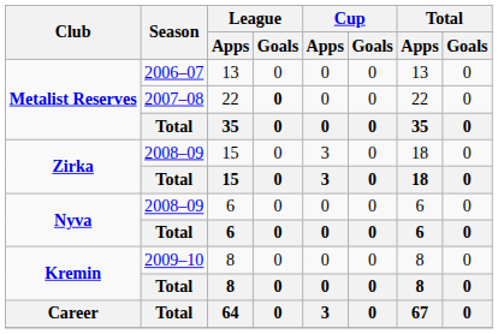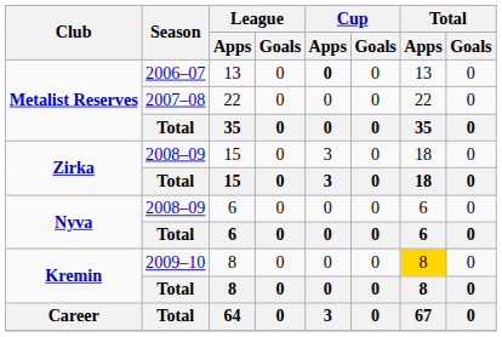 <table class="wikitable sortable" style="text-align: center;">
 <tr>
 <th rowspan="2">Club</th>
 <th rowspan="2">Season</th>
 <th colspan="2">League</th>
 <th colspan="2"><a href='#'>Cup</a></th>
 <th colspan="2">Total</th>
 </tr>
 <tr>
 <th>Apps</th>
 <th>Goals</th>
 <th>Apps</th>
 <th>Goals</th>
 <th>Apps</th>
 <th>Goals</th>
 </tr>
 <tr>
 <td rowspan="3"><strong><a href='#'>Metalist Reserves</a></strong></td>
 <td><a href='#'>2006–07</a></td>
 <td>13</td>
 <td>0</td>
-<td>0</td>
+<td><strong>0</strong></td>
 <td>0</td>
 <td>13</td>
 <td>0</td>
 </tr>
 <tr>
 <td><a href='#'>2007–08</a></td>
 <td>22</td>
-<td><strong>0</strong></td>
+<td>0</td>
 <td>0</td>
 <td>0</td>
 <td>22</td>
 <td>0</td>
 </tr>
 <tr>
 <th>Total</th>
 <th>35</th>
 <th>0</th>
 <th>0</th>
 <th>0</th>
 <th>35</th>
 <th>0</th>
 </tr>
 <tr>
 <td rowspan="2"><strong><a href='#'>Zirka</a></strong></td>
 <td><a href='#'>2008–09</a></td>
 <td>15</td>
 <td>0</td>
 <td>3</td>
 <td>0</td>
 <td>18</td>
 <td>0</td>
 </tr>
 <tr>
 <th>Total</th>
 <th>15</th>
 <th>0</th>
 <th>3</th>
 <th>0</th>
 <th>18</th>
 <th>0</th>
 </tr>
 <tr>
 <td rowspan="2"><strong><a href='#'>Nyva</a></strong></td>
 <td><a href='#'>2008–09</a></td>
 <td>6</td>
 <td>0</td>
 <td>0</td>
 <td>0</td>
 <td>6</td>
 <td>0</td>
 </tr>
 <tr>
 <th>Total</th>
 <th>6</th>
 <th>0</th>
 <th>0</th>
 <th>0</th>
 <th>6</th>
 <th>0</th>
 </tr>
 <tr>
 <td rowspan="2"><strong><a href='#'>Kremin</a></strong></td>
 <td><a href='#'>2009–10</a></td>
 <td>8</td>
 <td>0</td>
 <td>0</td>
 <td>0</td>
-<td>8</td>
+<td style="background: gold;">8</td>
 <td>0</td>
 </tr>
 <tr>
 <th>Total</th>
 <th>8</th>
 <th>0</th>
 <th>0</th>
 <th>0</th>
 <th>8</th>
 <th>0</th>
 </tr>
 <tr>
 <th>Career</th>
 <th>Total</th>
 <th>64</th>
 <th>0</th>
 <th>3</th>
 <th>0</th>
 <th>67</th>
 <th>0</th>
 </tr>
 <tr>
 </tr>
 </table>
